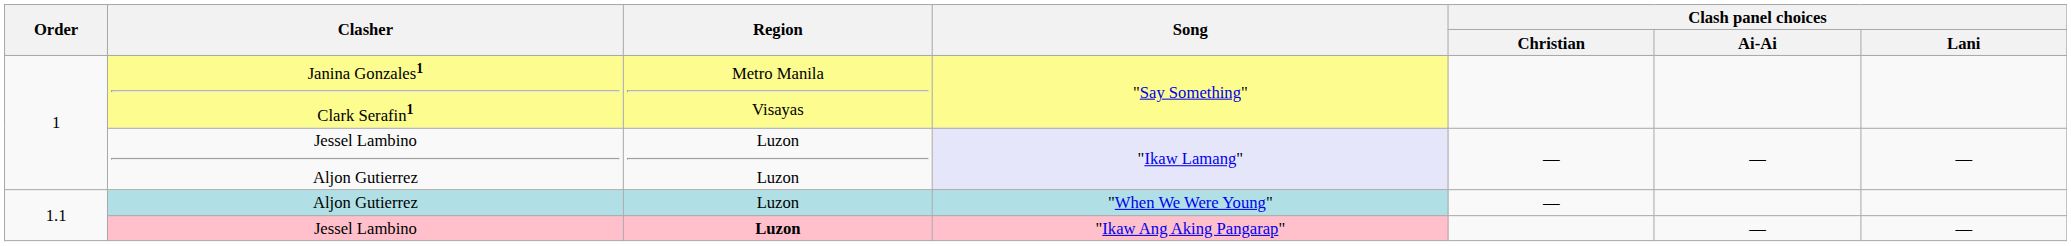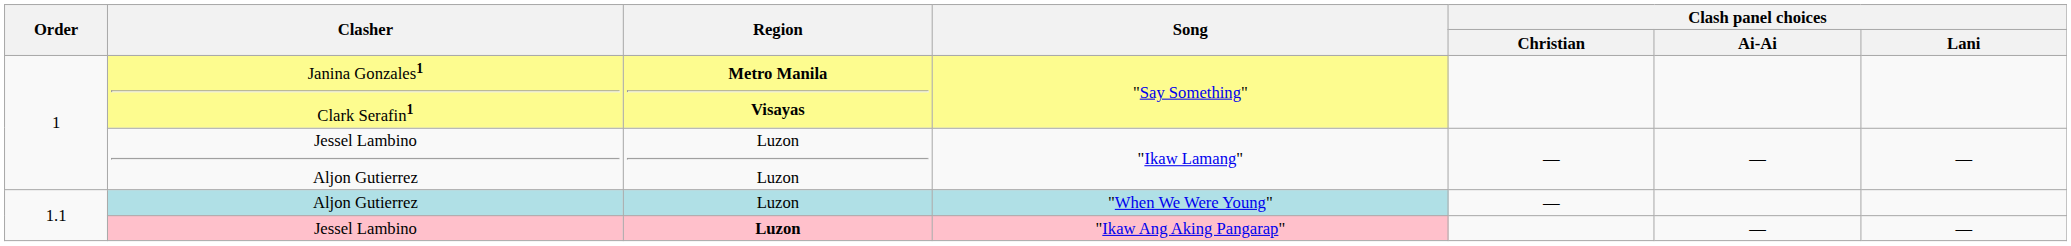 <table class="wikitable" style="text-align:center; line-height:17px; width:100%;">
 <tr>
 <th rowspan="2" width="5%">Order</th>
 <th rowspan="2" width="25%">Clasher</th>
 <th rowspan="2">Region</th>
 <th rowspan="2" width="25%">Song</th>
 <th colspan="3" width="30%">Clash panel choices</th>
 </tr>
 <tr>
 <th width="10%">Christian</th>
 <th width="10%">Ai-Ai</th>
 <th width="10%">Lani</th>
 </tr>
 <tr>
 <td rowspan="2">1</td>
 <td style="background:#fdfc8f;">Janina Gonzales<sup><strong>1</strong></sup><hr>Clark Serafin<sup><strong>1</strong></sup></td>
-<td style="background:#fdfc8f;">Metro Manila<hr>Visayas</td>
+<td style="background:#fdfc8f;"><strong>Metro Manila<hr>Visayas</strong></td>
 <td style="background:#fdfc8f;">"<a href='#'>Say Something</a>"</td>
 <td><strong></strong></td>
 <td><strong></strong></td>
 <td><strong></strong></td>
 </tr>
 <tr>
 <td>Jessel Lambino<hr>Aljon Gutierrez</td>
 <td>Luzon<hr>Luzon</td>
-<td style="background: lavender;">"<a href='#'>Ikaw Lamang</a>"</td>
+<td>"<a href='#'>Ikaw Lamang</a>"</td>
 <td>—</td>
 <td>—</td>
 <td>—</td>
 </tr>
 <tr>
 <td rowspan="2">1.1</td>
 <td style="background:#b0e0e6;">Aljon Gutierrez</td>
 <td style="background:#b0e0e6;">Luzon</td>
 <td style="background:#b0e0e6;">"<a href='#'>When We Were Young</a>"</td>
 <td>—</td>
 <td><strong></strong></td>
 <td><strong></strong></td>
 </tr>
 <tr>
 <td style="background:pink;">Jessel Lambino</td>
 <td style="background:pink;"><strong>Luzon</strong></td>
 <td style="background:pink;">"<a href='#'>Ikaw Ang Aking Pangarap</a>"</td>
 <td><strong></strong></td>
 <td>—</td>
 <td>—</td>
 </tr>
 </table>
